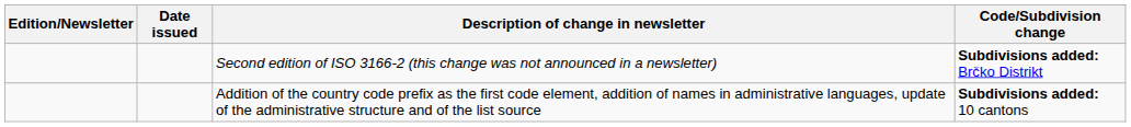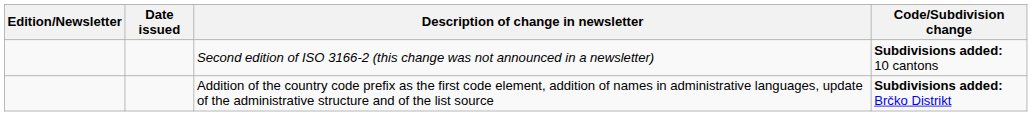 <table class="wikitable">
 <tr>
 <th>Edition/Newsletter</th>
 <th>Date issued</th>
 <th>Description of change in newsletter</th>
 <th>Code/Subdivision change</th>
 </tr>
 <tr>
 <td id="II"></td>
 <td></td>
 <td><em>Second edition of ISO 3166-2 (this change was not announced in a newsletter)</em></td>
-<td style=white-space:nowrap><strong>Subdivisions added:</strong><br>  <a href='#'>Brčko Distrikt</a></td>
+<td style=white-space:nowrap><strong>Subdivisions added:</strong><br> 10 cantons</td>
 </tr>
 <tr>
 <td id="II-2"></td>
 <td></td>
 <td>Addition of the country code prefix as the first code element, addition of names in administrative languages, update of the administrative structure and of the list source</td>
-<td style=white-space:nowrap><strong>Subdivisions added:</strong><br> 10 cantons</td>
+<td style=white-space:nowrap><strong>Subdivisions added:</strong><br>  <a href='#'>Brčko Distrikt</a></td>
 </tr>
 </table>
